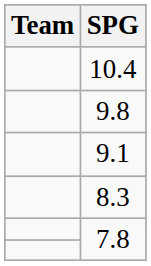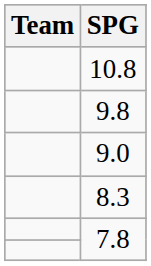 <table class=wikitable>
 <tr>
 <th>Team</th>
 <th>SPG</th>
 </tr>
 <tr>
 <td></td>
-<td align=center>10.4</td>
+<td align=center>10.8</td>
 </tr>
 <tr>
 <td></td>
 <td align=center>9.8</td>
 </tr>
 <tr>
 <td></td>
-<td align=center>9.1</td>
+<td align=center>9.0</td>
 </tr>
 <tr>
 <td></td>
 <td align=center>8.3</td>
 </tr>
 <tr>
 <td></td>
 <td align=center rowspan=2>7.8</td>
 </tr>
 <tr>
 <td></td>
 </tr>
 </table>
